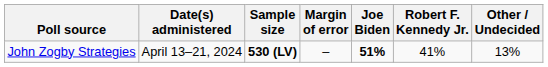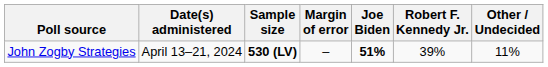 <table class="wikitable sortable mw-datatable" style="font-size:90%;text-align:center;line-height:17px">
 <tr valign=bottom>
 <th>Poll source</th>
 <th>Date(s)<br>administered</th>
 <th>Sample<br>size</th>
 <th>Margin<br>of error</th>
 <th class="unsortable">Joe<br>Biden<br></th>
 <th class="unsortable">Robert F.<br>Kennedy Jr.<br></th>
 <th class="unsortable">Other /<br>Undecided</th>
 </tr>
 <tr>
 <td style="text-align:left;"><a href='#'>John Zogby Strategies</a></td>
 <td data-sort-value="2024-05-01">April 13–21, 2024</td>
 <td><strong>530 (LV)</strong></td>
 <td>–</td>
 <td style="color:black;background-color:"><strong>51%</strong></td>
-<td>41%</td>
-<td>13%</td>
+<td>39%</td>
+<td>11%</td>
 </tr>
 </table>
